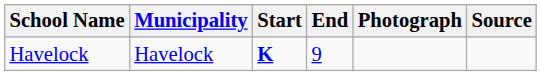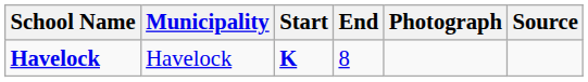 <table class="wikitable sortable">
 <tr>
 <th>School Name</th>
 <th><a href='#'>Municipality</a></th>
 <th>Start</th>
 <th>End</th>
 <th>Photograph</th>
 <th>Source</th>
 </tr>
 <tr>
-<td><a href='#'>Havelock</a></td>
+<td><strong><a href='#'>Havelock</a></strong></td>
 <td><a href='#'>Havelock</a></td>
 <td><strong><a href='#'>K</a></strong></td>
-<td><a href='#'>9</a></td>
+<td><a href='#'>8</a></td>
 <td></td>
 <td></td>
 </tr>
 </table>
